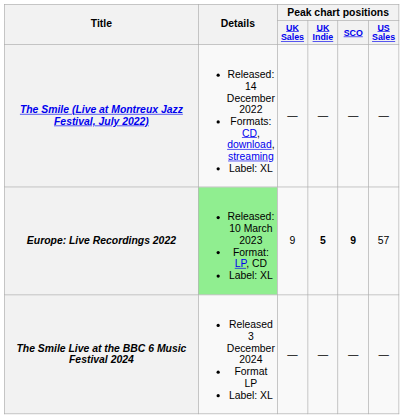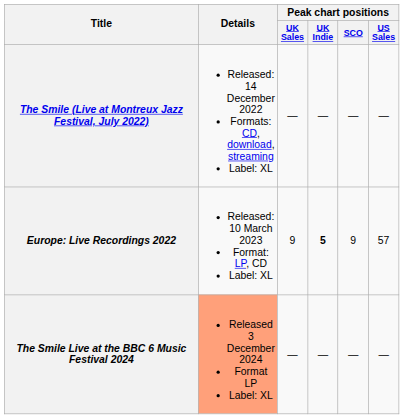 <table class="wikitable plainrowheaders" style="text-align:center;" border="1">
 <tr>
 <th scope="col" rowspan="2" style="width:19em;">Title</th>
 <th scope="col" rowspan="2">Details</th>
 <th scope="col" colspan="4">Peak chart positions</th>
 </tr>
 <tr>
 <th scope="col" style="width:3em;font-size:85%;"><a href='#'>UK<br>Sales</a><br></th>
 <th scope="col" style="width:3em;font-size:85%;"><a href='#'>UK<br>Indie</a><br></th>
 <th scope="col" style="width:3em;font-size:85%;"><a href='#'>SCO</a><br></th>
 <th scope="col" style="width:3em;font-size:85%;"><a href='#'>US<br>Sales</a><br></th>
 </tr>
 <tr>
 <th scope="row"><em><a href='#'>The Smile (Live at Montreux Jazz Festival, July 2022)</a></em></th>
 <td><br><ul><li>Released: 14 December 2022</li><li>Formats: <a href='#'>CD</a>, <a href='#'>download</a>, <a href='#'>streaming</a></li><li>Label: XL</li></ul></td>
 <td>—</td>
 <td>—</td>
 <td>—</td>
 <td>—</td>
 </tr>
 <tr>
 <th scope="row"><em>Europe: Live Recordings 2022</em></th>
-<td style="background: lightgreen;"><br><ul><li>Released: 10 March 2023</li><li>Format: <a href='#'>LP</a>, CD</li><li>Label: XL</li></ul></td>
+<td><br><ul><li>Released: 10 March 2023</li><li>Format: <a href='#'>LP</a>, CD</li><li>Label: XL</li></ul></td>
 <td>9</td>
 <td><strong>5</strong></td>
-<td><strong>9</strong></td>
+<td>9</td>
 <td>57</td>
 </tr>
 <tr>
 <th scope="row"><em>The Smile Live at the BBC 6 Music Festival 2024</em></th>
-<td><br><ul><li>Released 3 December 2024</li><li>Format LP</li><li>Label: XL</li></ul></td>
+<td style="background: lightsalmon;"><br><ul><li>Released 3 December 2024</li><li>Format LP</li><li>Label: XL</li></ul></td>
 <td>—</td>
 <td>—</td>
 <td>—</td>
 <td>—</td>
 </tr>
 </table>
